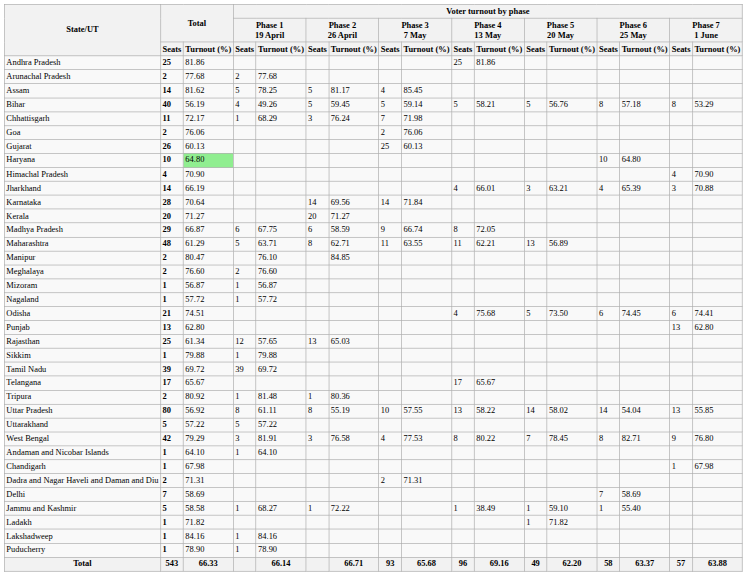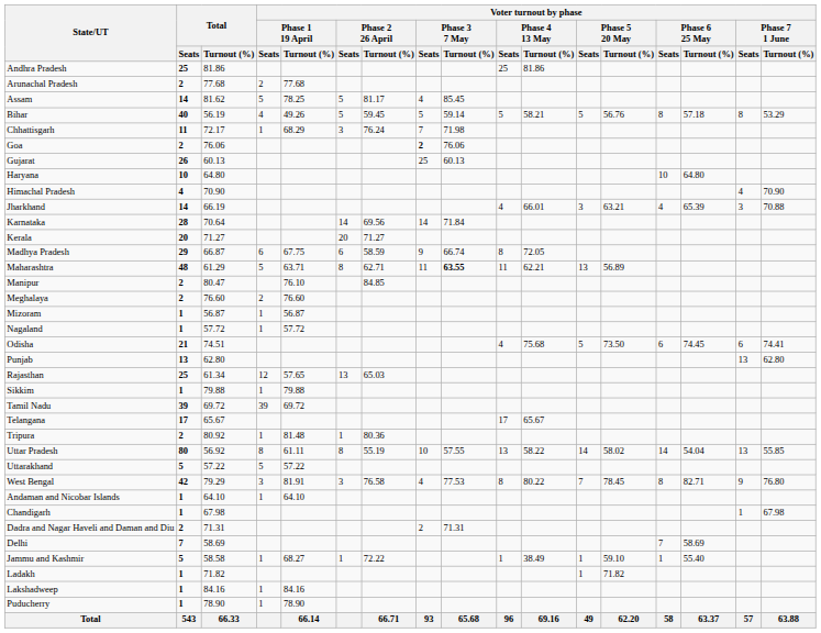 <table class="wikitable sortable defaultcenter col1left" style="font-size: 80%">
 <tr>
 <th rowspan="3" class="unsortable">State/UT</th>
 <th colspan="2" rowspan="2">Total</th>
 <th colspan="14">Voter turnout by phase</th>
 </tr>
 <tr>
 <th colspan="2">Phase 1<br>19 April</th>
 <th colspan="2">Phase 2<br>26 April</th>
 <th colspan="2">Phase 3<br>7 May</th>
 <th colspan="2">Phase 4<br>13 May</th>
 <th colspan="2">Phase 5<br>20 May</th>
 <th colspan="2">Phase 6<br>25 May</th>
 <th colspan="2">Phase 7<br>1 June</th>
 </tr>
 <tr>
 <th>Seats</th>
 <th>Turnout (%)</th>
 <th>Seats</th>
 <th>Turnout (%)</th>
 <th>Seats</th>
 <th>Turnout (%)</th>
 <th>Seats</th>
 <th>Turnout (%)</th>
 <th>Seats</th>
 <th>Turnout (%)</th>
 <th>Seats</th>
 <th>Turnout (%)</th>
 <th>Seats</th>
 <th>Turnout (%)</th>
 <th>Seats</th>
 <th>Turnout (%)</th>
 </tr>
 <tr>
 <td>Andhra Pradesh</td>
 <td><strong>25</strong></td>
 <td>81.86 </td>
 <td></td>
 <td></td>
 <td></td>
 <td></td>
 <td></td>
 <td></td>
 <td>25</td>
 <td>81.86</td>
 <td></td>
 <td></td>
 <td></td>
 <td></td>
 <td></td>
 <td></td>
 </tr>
 <tr>
 <td>Arunachal Pradesh</td>
 <td><strong>2</strong></td>
 <td>77.68 </td>
 <td>2</td>
 <td>77.68</td>
 <td></td>
 <td></td>
 <td></td>
 <td></td>
 <td></td>
 <td></td>
 <td></td>
 <td></td>
 <td></td>
 <td></td>
 <td></td>
 <td></td>
 </tr>
 <tr>
 <td>Assam</td>
 <td><strong>14</strong></td>
 <td>81.62 </td>
 <td>5</td>
 <td>78.25</td>
 <td>5</td>
 <td>81.17</td>
 <td>4</td>
 <td>85.45</td>
 <td></td>
 <td></td>
 <td></td>
 <td></td>
 <td></td>
 <td></td>
 <td></td>
 <td></td>
 </tr>
 <tr>
 <td>Bihar</td>
 <td><strong>40</strong></td>
 <td>56.19 </td>
 <td>4</td>
 <td>49.26</td>
 <td>5</td>
 <td>59.45</td>
 <td>5</td>
 <td>59.14</td>
 <td>5</td>
 <td>58.21</td>
 <td>5</td>
 <td>56.76</td>
 <td>8</td>
 <td>57.18</td>
 <td>8</td>
 <td>53.29</td>
 </tr>
 <tr>
 <td>Chhattisgarh</td>
 <td><strong>11</strong></td>
 <td>72.17 </td>
 <td>1</td>
 <td>68.29</td>
 <td>3</td>
 <td>76.24</td>
 <td>7</td>
 <td>71.98</td>
 <td></td>
 <td></td>
 <td></td>
 <td></td>
 <td></td>
 <td></td>
 <td></td>
 <td></td>
 </tr>
 <tr>
 <td>Goa</td>
 <td><strong>2</strong></td>
 <td>76.06 </td>
 <td></td>
 <td></td>
 <td></td>
 <td></td>
-<td>2</td>
+<td><strong>2</strong></td>
 <td>76.06</td>
 <td></td>
 <td></td>
 <td></td>
 <td></td>
 <td></td>
 <td></td>
 <td></td>
 <td></td>
 </tr>
 <tr>
 <td>Gujarat</td>
 <td><strong>26</strong></td>
 <td>60.13 </td>
 <td></td>
 <td></td>
 <td></td>
 <td></td>
 <td>25</td>
 <td>60.13</td>
 <td></td>
 <td></td>
 <td></td>
 <td></td>
 <td></td>
 <td></td>
 <td></td>
 <td></td>
 </tr>
 <tr>
 <td>Haryana</td>
 <td><strong>10</strong></td>
-<td style="background: lightgreen;">64.80 </td>
+<td>64.80 </td>
 <td></td>
 <td></td>
 <td></td>
 <td></td>
 <td></td>
 <td></td>
 <td></td>
 <td></td>
 <td></td>
 <td></td>
 <td>10</td>
 <td>64.80</td>
 <td></td>
 <td></td>
 </tr>
 <tr>
 <td>Himachal Pradesh</td>
 <td><strong>4</strong></td>
 <td>70.90 </td>
 <td></td>
 <td></td>
 <td></td>
 <td></td>
 <td></td>
 <td></td>
 <td></td>
 <td></td>
 <td></td>
 <td></td>
 <td></td>
 <td></td>
 <td>4</td>
 <td>70.90</td>
 </tr>
 <tr>
 <td>Jharkhand</td>
 <td><strong>14</strong></td>
 <td>66.19 </td>
 <td></td>
 <td></td>
 <td></td>
 <td></td>
 <td></td>
 <td></td>
 <td>4</td>
 <td>66.01</td>
 <td>3</td>
 <td>63.21</td>
 <td>4</td>
 <td>65.39</td>
 <td>3</td>
 <td>70.88</td>
 </tr>
 <tr>
 <td>Karnataka</td>
 <td><strong>28</strong></td>
 <td>70.64 </td>
 <td></td>
 <td></td>
 <td>14</td>
 <td>69.56</td>
 <td>14</td>
 <td>71.84</td>
 <td></td>
 <td></td>
 <td></td>
 <td></td>
 <td></td>
 <td></td>
 <td></td>
 <td></td>
 </tr>
 <tr>
 <td>Kerala</td>
 <td><strong>20</strong></td>
 <td>71.27 </td>
 <td></td>
 <td></td>
 <td>20</td>
 <td>71.27</td>
 <td></td>
 <td></td>
 <td></td>
 <td></td>
 <td></td>
 <td></td>
 <td></td>
 <td></td>
 <td></td>
 <td></td>
 </tr>
 <tr>
 <td>Madhya Pradesh</td>
 <td><strong>29</strong></td>
 <td>66.87 </td>
 <td>6</td>
 <td>67.75</td>
 <td>6</td>
 <td>58.59</td>
 <td>9</td>
 <td>66.74</td>
 <td>8</td>
 <td>72.05</td>
 <td></td>
 <td></td>
 <td></td>
 <td></td>
 <td></td>
 <td></td>
 </tr>
 <tr>
 <td>Maharashtra</td>
 <td><strong>48</strong></td>
 <td>61.29 </td>
 <td>5</td>
 <td>63.71</td>
 <td>8</td>
 <td>62.71</td>
 <td>11</td>
-<td>63.55</td>
+<td><strong>63.55</strong></td>
 <td>11</td>
 <td>62.21</td>
 <td>13</td>
 <td>56.89</td>
 <td></td>
 <td></td>
 <td></td>
 <td></td>
 </tr>
 <tr>
 <td>Manipur</td>
 <td><strong>2</strong></td>
 <td>80.47 </td>
 <td></td>
 <td>76.10</td>
 <td></td>
 <td>84.85</td>
 <td></td>
 <td></td>
 <td></td>
 <td></td>
 <td></td>
 <td></td>
 <td></td>
 <td></td>
 <td></td>
 <td></td>
 </tr>
 <tr>
 <td>Meghalaya</td>
 <td><strong>2</strong></td>
 <td>76.60 </td>
 <td>2</td>
 <td>76.60</td>
 <td></td>
 <td></td>
 <td></td>
 <td></td>
 <td></td>
 <td></td>
 <td></td>
 <td></td>
 <td></td>
 <td></td>
 <td></td>
 <td></td>
 </tr>
 <tr>
 <td>Mizoram</td>
 <td><strong>1</strong></td>
 <td>56.87 </td>
 <td>1</td>
 <td>56.87</td>
 <td></td>
 <td></td>
 <td></td>
 <td></td>
 <td></td>
 <td></td>
 <td></td>
 <td></td>
 <td></td>
 <td></td>
 <td></td>
 <td></td>
 </tr>
 <tr>
 <td>Nagaland</td>
 <td><strong>1</strong></td>
 <td>57.72 </td>
 <td>1</td>
 <td>57.72</td>
 <td></td>
 <td></td>
 <td></td>
 <td></td>
 <td></td>
 <td></td>
 <td></td>
 <td></td>
 <td></td>
 <td></td>
 <td></td>
 <td></td>
 </tr>
 <tr>
 <td>Odisha</td>
 <td><strong>21</strong></td>
 <td>74.51 </td>
 <td></td>
 <td></td>
 <td></td>
 <td></td>
 <td></td>
 <td></td>
 <td>4</td>
 <td>75.68</td>
 <td>5</td>
 <td>73.50</td>
 <td>6</td>
 <td>74.45</td>
 <td>6</td>
 <td>74.41</td>
 </tr>
 <tr>
 <td>Punjab</td>
 <td><strong>13</strong></td>
 <td>62.80 </td>
 <td></td>
 <td></td>
 <td></td>
 <td></td>
 <td></td>
 <td></td>
 <td></td>
 <td></td>
 <td></td>
 <td></td>
 <td></td>
 <td></td>
 <td>13</td>
 <td>62.80</td>
 </tr>
 <tr>
 <td>Rajasthan</td>
 <td><strong>25</strong></td>
 <td>61.34 </td>
 <td>12</td>
 <td>57.65</td>
 <td>13</td>
 <td>65.03</td>
 <td></td>
 <td></td>
 <td></td>
 <td></td>
 <td></td>
 <td></td>
 <td></td>
 <td></td>
 <td></td>
 <td></td>
 </tr>
 <tr>
 <td>Sikkim</td>
 <td><strong>1</strong></td>
 <td>79.88 </td>
 <td>1</td>
 <td>79.88</td>
 <td></td>
 <td></td>
 <td></td>
 <td></td>
 <td></td>
 <td></td>
 <td></td>
 <td></td>
 <td></td>
 <td></td>
 <td></td>
 <td></td>
 </tr>
 <tr>
 <td>Tamil Nadu</td>
 <td><strong>39</strong></td>
 <td>69.72 </td>
 <td>39</td>
 <td>69.72</td>
 <td></td>
 <td></td>
 <td></td>
 <td></td>
 <td></td>
 <td></td>
 <td></td>
 <td></td>
 <td></td>
 <td></td>
 <td></td>
 <td></td>
 </tr>
 <tr>
 <td>Telangana</td>
 <td><strong>17</strong></td>
 <td>65.67 </td>
 <td></td>
 <td></td>
 <td></td>
 <td></td>
 <td></td>
 <td></td>
 <td>17</td>
 <td>65.67</td>
 <td></td>
 <td></td>
 <td></td>
 <td></td>
 <td></td>
 <td></td>
 </tr>
 <tr>
 <td>Tripura</td>
 <td><strong>2</strong></td>
 <td>80.92 </td>
 <td>1</td>
 <td>81.48</td>
 <td>1</td>
 <td>80.36</td>
 <td></td>
 <td></td>
 <td></td>
 <td></td>
 <td></td>
 <td></td>
 <td></td>
 <td></td>
 <td></td>
 <td></td>
 </tr>
 <tr>
 <td>Uttar Pradesh</td>
 <td><strong>80</strong></td>
 <td>56.92 </td>
 <td>8</td>
 <td>61.11</td>
 <td>8</td>
 <td>55.19</td>
 <td>10</td>
 <td>57.55</td>
 <td>13</td>
 <td>58.22</td>
 <td>14</td>
 <td>58.02</td>
 <td>14</td>
 <td>54.04</td>
 <td>13</td>
 <td>55.85</td>
 </tr>
 <tr>
 <td>Uttarakhand</td>
 <td><strong>5</strong></td>
 <td>57.22 </td>
 <td>5</td>
 <td>57.22</td>
 <td></td>
 <td></td>
 <td></td>
 <td></td>
 <td></td>
 <td></td>
 <td></td>
 <td></td>
 <td></td>
 <td></td>
 <td></td>
 <td></td>
 </tr>
 <tr>
 <td>West Bengal</td>
 <td><strong>42</strong></td>
 <td>79.29 </td>
 <td>3</td>
 <td>81.91</td>
 <td>3</td>
 <td>76.58</td>
 <td>4</td>
 <td>77.53</td>
 <td>8</td>
 <td>80.22</td>
 <td>7</td>
 <td>78.45</td>
 <td>8</td>
 <td>82.71</td>
 <td>9</td>
 <td>76.80</td>
 </tr>
 <tr>
 <td>Andaman and Nicobar Islands</td>
 <td><strong>1</strong></td>
 <td>64.10 </td>
 <td>1</td>
 <td>64.10</td>
 <td></td>
 <td></td>
 <td></td>
 <td></td>
 <td></td>
 <td></td>
 <td></td>
 <td></td>
 <td></td>
 <td></td>
 <td></td>
 <td></td>
 </tr>
 <tr>
 <td>Chandigarh</td>
 <td><strong>1</strong></td>
 <td>67.98 </td>
 <td></td>
 <td></td>
 <td></td>
 <td></td>
 <td></td>
 <td></td>
 <td></td>
 <td></td>
 <td></td>
 <td></td>
 <td></td>
 <td></td>
 <td>1</td>
 <td>67.98</td>
 </tr>
 <tr>
 <td>Dadra and Nagar Haveli and Daman and Diu</td>
 <td><strong>2</strong></td>
 <td>71.31 </td>
 <td></td>
 <td></td>
 <td></td>
 <td></td>
 <td>2</td>
 <td>71.31</td>
 <td></td>
 <td></td>
 <td></td>
 <td></td>
 <td></td>
 <td></td>
 <td></td>
 <td></td>
 </tr>
 <tr>
 <td>Delhi</td>
 <td><strong>7</strong></td>
 <td>58.69 </td>
 <td></td>
 <td></td>
 <td></td>
 <td></td>
 <td></td>
 <td></td>
 <td></td>
 <td></td>
 <td></td>
 <td></td>
 <td>7</td>
 <td>58.69</td>
 <td></td>
 <td></td>
 </tr>
 <tr>
 <td>Jammu and Kashmir</td>
 <td><strong>5</strong></td>
 <td>58.58 </td>
 <td>1</td>
 <td>68.27</td>
 <td>1</td>
 <td>72.22</td>
 <td></td>
 <td></td>
 <td>1</td>
 <td>38.49</td>
 <td>1</td>
 <td>59.10</td>
 <td>1</td>
 <td>55.40</td>
 <td></td>
 <td></td>
 </tr>
 <tr>
 <td>Ladakh</td>
 <td><strong>1</strong></td>
 <td>71.82 </td>
 <td></td>
 <td></td>
 <td></td>
 <td></td>
 <td></td>
 <td></td>
 <td></td>
 <td></td>
 <td>1</td>
 <td>71.82</td>
 <td></td>
 <td></td>
 <td></td>
 <td></td>
 </tr>
 <tr>
 <td>Lakshadweep</td>
 <td><strong>1</strong></td>
 <td>84.16 </td>
 <td>1</td>
 <td>84.16</td>
 <td></td>
 <td></td>
 <td></td>
 <td></td>
 <td></td>
 <td></td>
 <td></td>
 <td></td>
 <td></td>
 <td></td>
 <td></td>
 <td></td>
 </tr>
 <tr>
 <td>Puducherry</td>
 <td><strong>1</strong></td>
 <td>78.90 </td>
 <td>1</td>
 <td>78.90</td>
 <td></td>
 <td></td>
 <td></td>
 <td></td>
 <td></td>
 <td></td>
 <td></td>
 <td></td>
 <td></td>
 <td></td>
 <td></td>
 <td></td>
 </tr>
 <tr>
 <th><strong>Total</strong></th>
 <th><strong>543</strong></th>
 <th>66.33 </th>
 <th></th>
 <th>66.14</th>
 <th></th>
 <th>66.71</th>
 <th>93</th>
 <th>65.68</th>
 <th>96</th>
 <th>69.16</th>
 <th>49</th>
 <th>62.20</th>
 <th>58</th>
 <th>63.37</th>
 <th>57</th>
 <th>63.88</th>
 </tr>
 </table>
